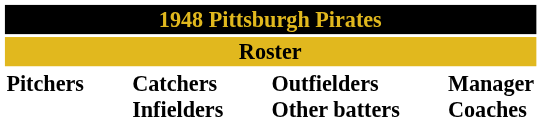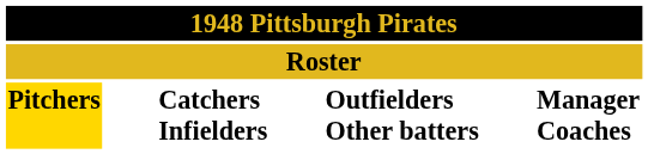 <table class="toccolours" style="font-size: 95%;">
 <tr>
 <th colspan="10" style="background-color: black; color: #e1b81e; text-align: center;">1948 Pittsburgh Pirates</th>
 </tr>
 <tr>
 <td colspan="10" style="background-color: #e1b81e; color: black; text-align: center;"><strong>Roster</strong></td>
 </tr>
 <tr>
-<td valign="top"><strong>Pitchers</strong><br>             </td>
+<td valign="top" style="background: gold;"><strong>Pitchers</strong><br>             </td>
 <td width="25px"></td>
 <td valign="top"><strong>Catchers</strong><br>    <strong>Infielders</strong>         </td>
 <td width="25px"></td>
 <td valign="top"><strong>Outfielders</strong><br>     <strong>Other batters</strong> </td>
 <td width="25px"></td>
 <td valign="top"><strong>Manager</strong><br> <strong>Coaches</strong>     </td>
 </tr>
 </table>
